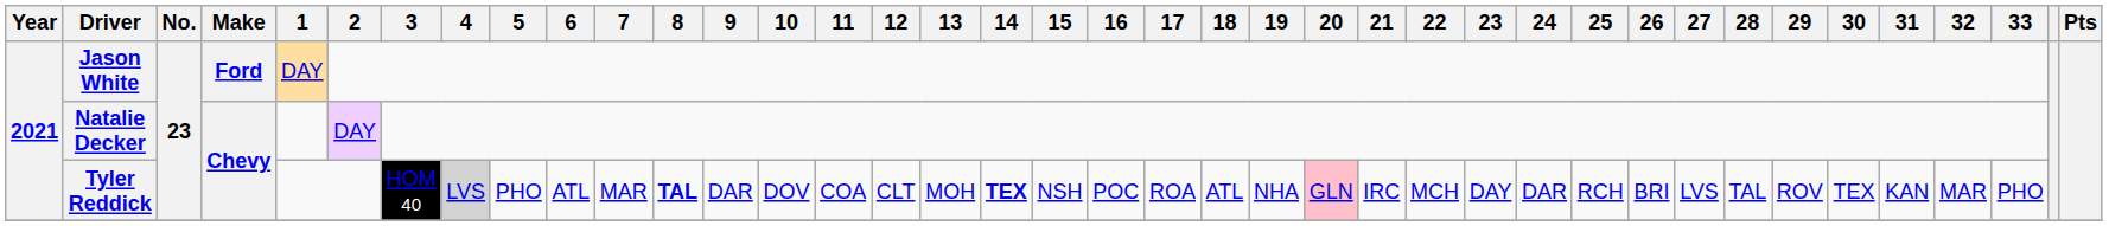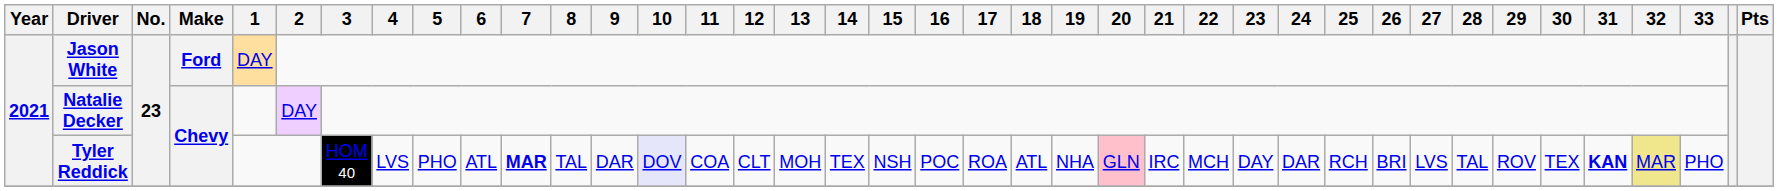 <table class="wikitable" style="text-align:center; font-size:75%">
 <tr>
 <th>Year</th>
 <th>Driver</th>
 <th>No.</th>
 <th>Make</th>
 <th>1</th>
 <th>2</th>
 <th>3</th>
 <th>4</th>
 <th>5</th>
 <th>6</th>
 <th>7</th>
 <th>8</th>
 <th>9</th>
 <th>10</th>
 <th>11</th>
 <th>12</th>
 <th>13</th>
 <th>14</th>
 <th>15</th>
 <th>16</th>
 <th>17</th>
 <th>18</th>
 <th>19</th>
 <th>20</th>
 <th>21</th>
 <th>22</th>
 <th>23</th>
 <th>24</th>
 <th>25</th>
 <th>26</th>
 <th>27</th>
 <th>28</th>
 <th>29</th>
 <th>30</th>
 <th>31</th>
 <th>32</th>
 <th>33</th>
 <th></th>
 <th>Pts</th>
 </tr>
 <tr>
 <th Rowspan=3><a href='#'>2021</a></th>
 <th><a href='#'>Jason White</a></th>
 <th Rowspan=3>23</th>
 <th><a href='#'>Ford</a></th>
 <td style="background:#FFDF9F;"><a href='#'>DAY</a><br></td>
 <td colspan=32></td>
 <th rowspan=3></th>
 <th rowspan=3></th>
 </tr>
 <tr>
 <th><a href='#'>Natalie Decker</a></th>
 <th Rowspan=2><a href='#'>Chevy</a></th>
 <td></td>
 <td style="background:#EFCFFF;"><a href='#'>DAY</a><br></td>
 <td colspan=31></td>
 </tr>
 <tr>
 <th><a href='#'>Tyler Reddick</a></th>
 <td colspan=2></td>
 <td style="background:#000000;color:white;"><a href='#'><span>HOM</span></a><br><small>40</small></td>
-<td style="background: lightgrey;"><a href='#'>LVS</a></td>
+<td><a href='#'>LVS</a></td>
 <td><a href='#'>PHO</a></td>
 <td><a href='#'>ATL</a></td>
-<td><a href='#'>MAR</a></td>
-<td><strong><a href='#'>TAL</a></strong></td>
+<td><strong><a href='#'>MAR</a></strong></td>
+<td><a href='#'>TAL</a></td>
 <td><a href='#'>DAR</a></td>
-<td><a href='#'>DOV</a></td>
+<td style="background: lavender;"><a href='#'>DOV</a></td>
 <td><a href='#'>COA</a></td>
 <td><a href='#'>CLT</a></td>
 <td><a href='#'>MOH</a></td>
-<td><strong><a href='#'>TEX</a></strong></td>
+<td><a href='#'>TEX</a></td>
 <td><a href='#'>NSH</a></td>
 <td><a href='#'>POC</a></td>
 <td><a href='#'>ROA</a></td>
 <td><a href='#'>ATL</a></td>
 <td><a href='#'>NHA</a></td>
 <td style="background: pink;"><a href='#'>GLN</a></td>
 <td><a href='#'>IRC</a></td>
 <td><a href='#'>MCH</a></td>
 <td><a href='#'>DAY</a></td>
 <td><a href='#'>DAR</a></td>
 <td><a href='#'>RCH</a></td>
 <td><a href='#'>BRI</a></td>
 <td><a href='#'>LVS</a></td>
 <td><a href='#'>TAL</a></td>
 <td><a href='#'>ROV</a></td>
 <td><a href='#'>TEX</a></td>
-<td><a href='#'>KAN</a></td>
-<td><a href='#'>MAR</a></td>
+<td><strong><a href='#'>KAN</a></strong></td>
+<td style="background: khaki;"><a href='#'>MAR</a></td>
 <td><a href='#'>PHO</a></td>
 </tr>
 <tr>
 </tr>
 </table>
